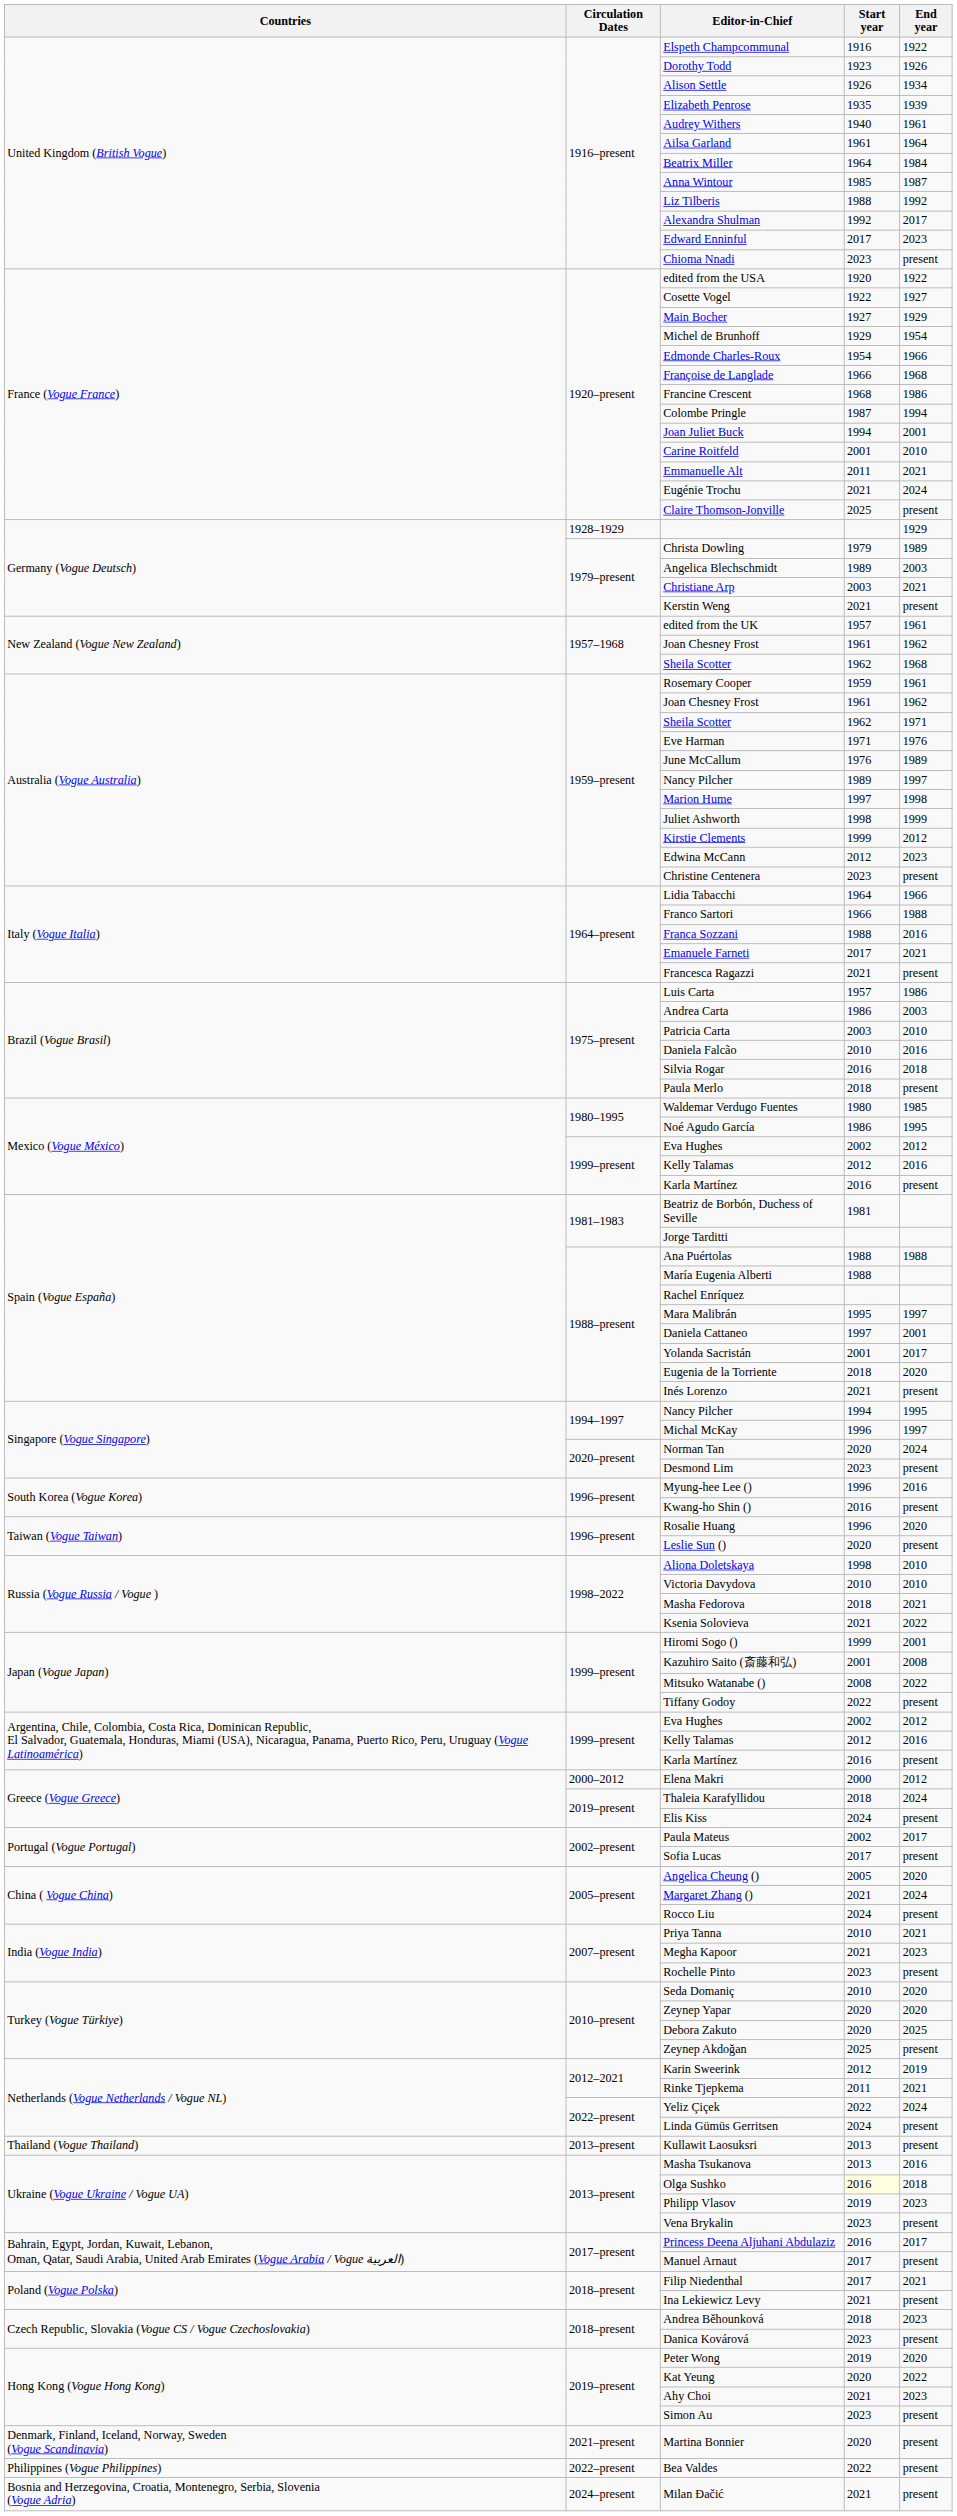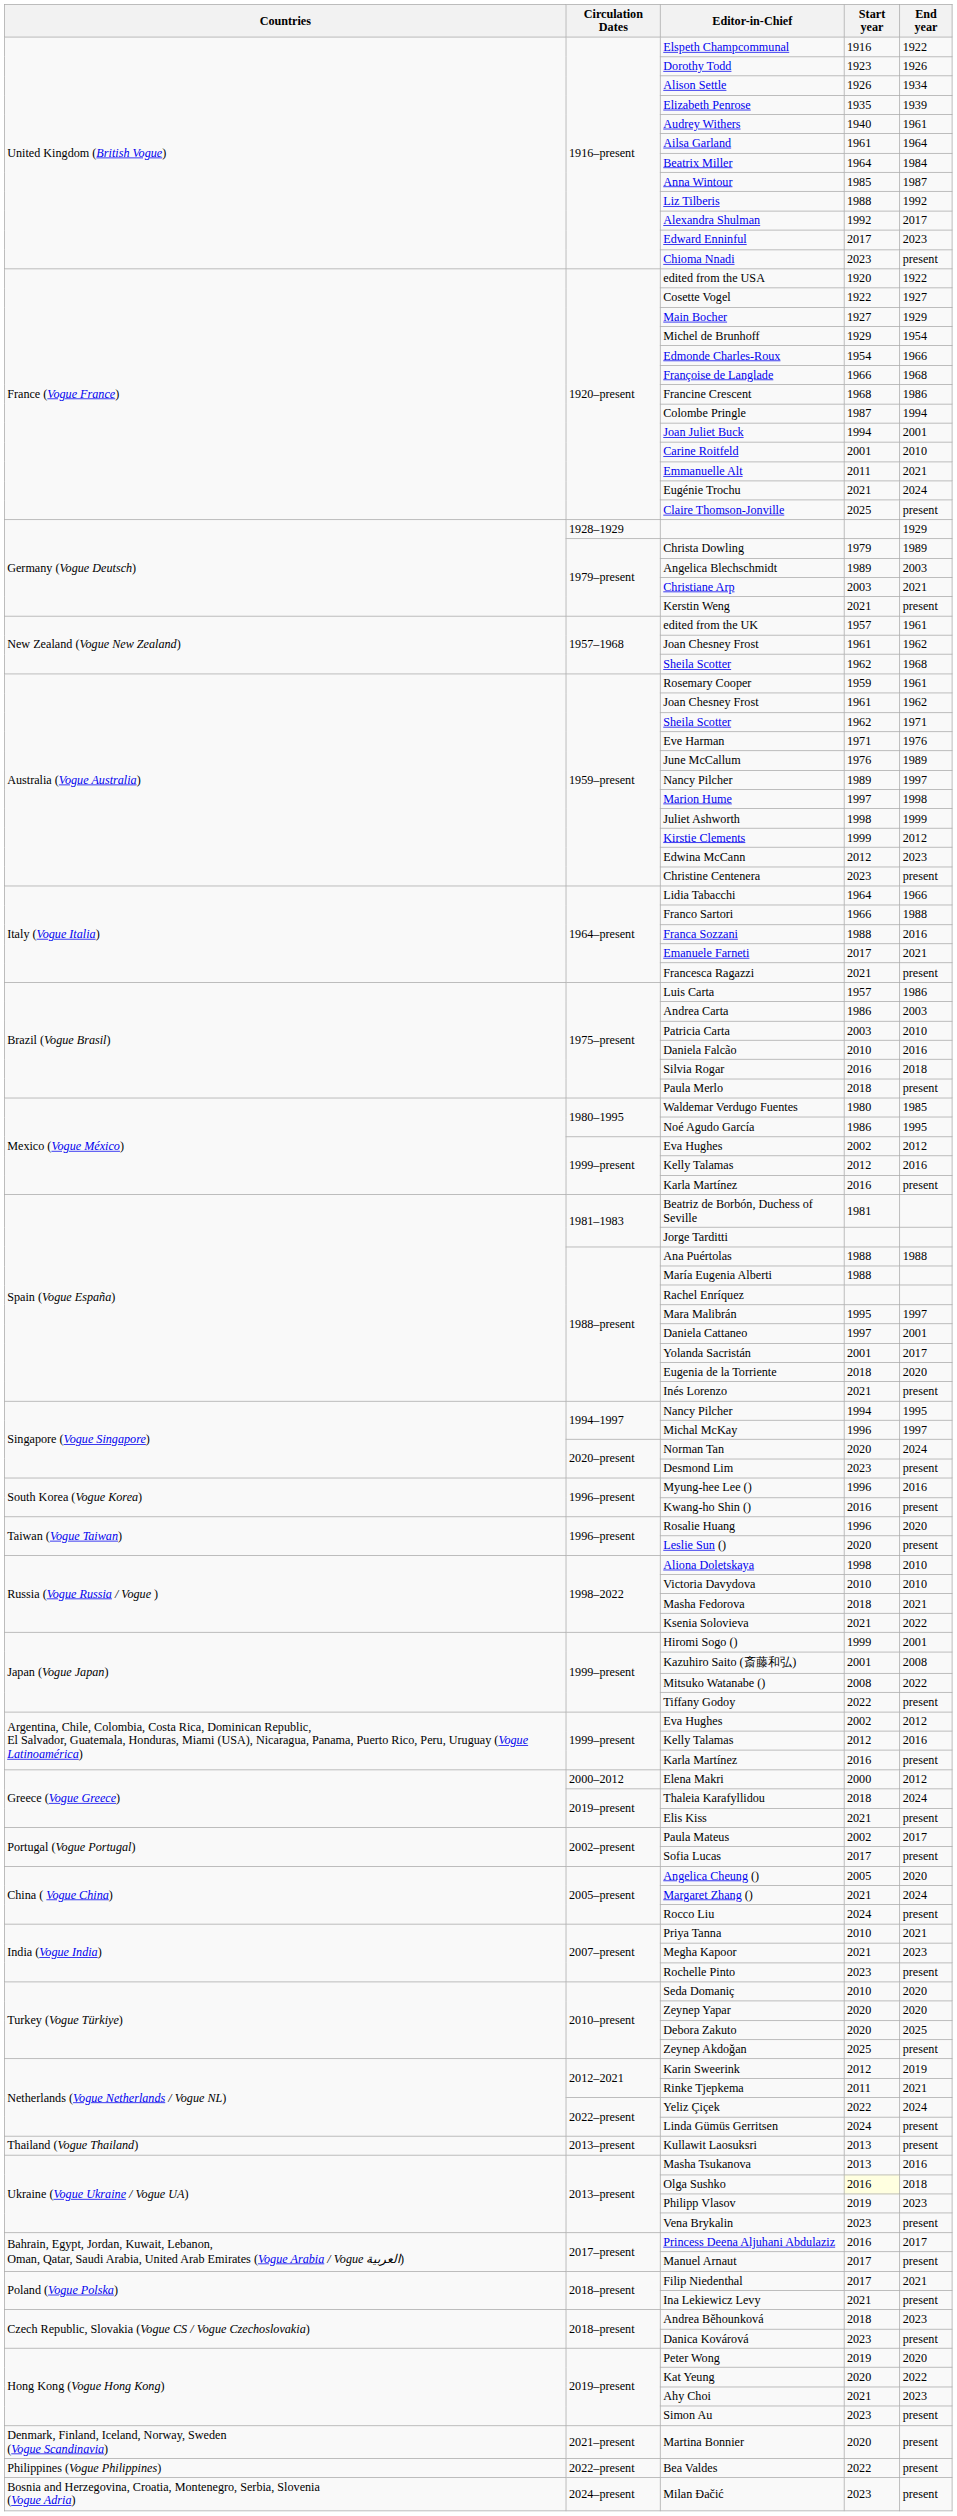 <table class="wikitable sortable">
 <tr>
 <th>Countries</th>
 <th>Circulation Dates</th>
 <th>Editor-in-Chief</th>
 <th>Start year</th>
 <th>End year</th>
 </tr>
 <tr>
 <td rowspan="12">United Kingdom (<em><a href='#'>British Vogue</a></em>)</td>
 <td rowspan="12">1916–present</td>
 <td><a href='#'>Elspeth Champcommunal</a></td>
 <td>1916</td>
 <td>1922</td>
 </tr>
 <tr>
 <td><a href='#'>Dorothy Todd</a></td>
 <td>1923</td>
 <td>1926</td>
 </tr>
 <tr>
 <td><a href='#'>Alison Settle</a></td>
 <td>1926</td>
 <td>1934</td>
 </tr>
 <tr>
 <td><a href='#'>Elizabeth Penrose</a></td>
 <td>1935</td>
 <td>1939</td>
 </tr>
 <tr>
 <td><a href='#'>Audrey Withers</a></td>
 <td>1940</td>
 <td>1961</td>
 </tr>
 <tr>
 <td><a href='#'>Ailsa Garland</a></td>
 <td>1961</td>
 <td>1964</td>
 </tr>
 <tr>
 <td><a href='#'>Beatrix Miller</a></td>
 <td>1964</td>
 <td>1984</td>
 </tr>
 <tr>
 <td><a href='#'>Anna Wintour</a></td>
 <td>1985</td>
 <td>1987</td>
 </tr>
 <tr>
 <td><a href='#'>Liz Tilberis</a></td>
 <td>1988</td>
 <td>1992</td>
 </tr>
 <tr>
 <td><a href='#'>Alexandra Shulman</a></td>
 <td>1992</td>
 <td>2017</td>
 </tr>
 <tr>
 <td><a href='#'>Edward Enninful</a></td>
 <td>2017</td>
 <td>2023</td>
 </tr>
 <tr>
 <td><a href='#'>Chioma Nnadi</a></td>
 <td>2023</td>
 <td>present</td>
 </tr>
 <tr>
 <td rowspan="13">France (<em><a href='#'>Vogue France</a></em>)<em></em></td>
 <td rowspan="13">1920–present</td>
 <td>edited from the USA</td>
 <td>1920</td>
 <td>1922</td>
 </tr>
 <tr>
 <td>Cosette Vogel</td>
 <td>1922</td>
 <td>1927</td>
 </tr>
 <tr>
 <td><a href='#'>Main Bocher</a></td>
 <td>1927</td>
 <td>1929</td>
 </tr>
 <tr>
 <td>Michel de Brunhoff</td>
 <td>1929</td>
 <td>1954</td>
 </tr>
 <tr>
 <td><a href='#'>Edmonde Charles-Roux</a></td>
 <td>1954</td>
 <td>1966</td>
 </tr>
 <tr>
 <td><a href='#'>Françoise de Langlade</a></td>
 <td>1966</td>
 <td>1968</td>
 </tr>
 <tr>
 <td>Francine Crescent</td>
 <td>1968</td>
 <td>1986</td>
 </tr>
 <tr>
 <td>Colombe Pringle</td>
 <td>1987</td>
 <td>1994</td>
 </tr>
 <tr>
 <td><a href='#'>Joan Juliet Buck</a></td>
 <td>1994</td>
 <td>2001</td>
 </tr>
 <tr>
 <td><a href='#'>Carine Roitfeld</a></td>
 <td>2001</td>
 <td>2010</td>
 </tr>
 <tr>
 <td><a href='#'>Emmanuelle Alt</a></td>
 <td>2011</td>
 <td>2021</td>
 </tr>
 <tr>
 <td>Eugénie Trochu</td>
 <td>2021</td>
 <td>2024</td>
 </tr>
 <tr>
 <td><a href='#'>Claire Thomson-Jonville</a></td>
 <td>2025</td>
 <td>present</td>
 </tr>
 <tr>
 <td rowspan="5">Germany (<em>Vogue Deutsch</em>)</td>
 <td>1928–1929</td>
 <td></td>
 <td></td>
 <td>1929</td>
 </tr>
 <tr>
 <td rowspan="4">1979–present</td>
 <td>Christa Dowling</td>
 <td>1979</td>
 <td>1989</td>
 </tr>
 <tr>
 <td>Angelica Blechschmidt</td>
 <td>1989</td>
 <td>2003</td>
 </tr>
 <tr>
 <td><a href='#'>Christiane Arp</a></td>
 <td>2003</td>
 <td>2021</td>
 </tr>
 <tr>
 <td>Kerstin Weng</td>
 <td>2021</td>
 <td>present</td>
 </tr>
 <tr>
 <td rowspan="3">New Zealand (<em>Vogue New Zealand</em>)</td>
 <td rowspan="3">1957–1968</td>
 <td>edited from the UK</td>
 <td>1957</td>
 <td>1961</td>
 </tr>
 <tr>
 <td>Joan Chesney Frost</td>
 <td>1961</td>
 <td>1962</td>
 </tr>
 <tr>
 <td><a href='#'>Sheila Scotter</a></td>
 <td>1962</td>
 <td>1968</td>
 </tr>
 <tr>
 <td rowspan="11">Australia (<em><a href='#'>Vogue Australia</a></em>)</td>
 <td rowspan="11">1959–present</td>
 <td>Rosemary Cooper</td>
 <td>1959</td>
 <td>1961</td>
 </tr>
 <tr>
 <td>Joan Chesney Frost</td>
 <td>1961</td>
 <td>1962</td>
 </tr>
 <tr>
 <td><a href='#'>Sheila Scotter</a></td>
 <td>1962</td>
 <td>1971</td>
 </tr>
 <tr>
 <td>Eve Harman</td>
 <td>1971</td>
 <td>1976</td>
 </tr>
 <tr>
 <td>June McCallum</td>
 <td>1976</td>
 <td>1989</td>
 </tr>
 <tr>
 <td>Nancy Pilcher</td>
 <td>1989</td>
 <td>1997</td>
 </tr>
 <tr>
 <td><a href='#'>Marion Hume</a></td>
 <td>1997</td>
 <td>1998</td>
 </tr>
 <tr>
 <td>Juliet Ashworth</td>
 <td>1998</td>
 <td>1999</td>
 </tr>
 <tr>
 <td><a href='#'>Kirstie Clements</a></td>
 <td>1999</td>
 <td>2012</td>
 </tr>
 <tr>
 <td>Edwina McCann</td>
 <td>2012</td>
 <td>2023</td>
 </tr>
 <tr>
 <td>Christine Centenera</td>
 <td>2023</td>
 <td>present</td>
 </tr>
 <tr>
 <td rowspan="5">Italy (<em><a href='#'>Vogue Italia</a></em>)<em></em></td>
 <td rowspan="5">1964–present</td>
 <td>Lidia Tabacchi</td>
 <td>1964</td>
 <td>1966</td>
 </tr>
 <tr>
 <td>Franco Sartori</td>
 <td>1966</td>
 <td>1988</td>
 </tr>
 <tr>
 <td><a href='#'>Franca Sozzani</a></td>
 <td>1988</td>
 <td>2016</td>
 </tr>
 <tr>
 <td><a href='#'>Emanuele Farneti</a></td>
 <td>2017</td>
 <td>2021</td>
 </tr>
 <tr>
 <td>Francesca Ragazzi</td>
 <td>2021</td>
 <td>present</td>
 </tr>
 <tr>
 <td rowspan="6">Brazil (<em>Vogue Brasil</em>)</td>
 <td rowspan="6">1975–present</td>
 <td>Luis Carta</td>
 <td>1957</td>
 <td>1986</td>
 </tr>
 <tr>
 <td>Andrea Carta</td>
 <td>1986</td>
 <td>2003</td>
 </tr>
 <tr>
 <td>Patricia Carta</td>
 <td>2003</td>
 <td>2010</td>
 </tr>
 <tr>
 <td>Daniela Falcão</td>
 <td>2010</td>
 <td>2016</td>
 </tr>
 <tr>
 <td>Silvia Rogar</td>
 <td>2016</td>
 <td>2018</td>
 </tr>
 <tr>
 <td>Paula Merlo</td>
 <td>2018</td>
 <td>present</td>
 </tr>
 <tr>
 <td rowspan="5">Mexico (<em><a href='#'>Vogue México</a></em>)</td>
 <td rowspan="2">1980–1995</td>
 <td>Waldemar Verdugo Fuentes</td>
 <td>1980</td>
 <td>1985</td>
 </tr>
 <tr>
 <td>Noé Agudo García</td>
 <td>1986</td>
 <td>1995</td>
 </tr>
 <tr>
 <td rowspan="3">1999–present</td>
 <td>Eva Hughes</td>
 <td>2002</td>
 <td>2012</td>
 </tr>
 <tr>
 <td>Kelly Talamas</td>
 <td>2012</td>
 <td>2016</td>
 </tr>
 <tr>
 <td>Karla Martínez</td>
 <td>2016</td>
 <td>present</td>
 </tr>
 <tr>
 <td rowspan="10">Spain (<em>Vogue España</em>)</td>
 <td rowspan="2">1981–1983</td>
 <td>Beatriz de Borbón, Duchess of Seville</td>
 <td>1981</td>
 <td></td>
 </tr>
 <tr>
 <td>Jorge Tarditti</td>
 <td></td>
 <td></td>
 </tr>
 <tr>
 <td rowspan="8">1988–present</td>
 <td>Ana Puértolas</td>
 <td>1988</td>
 <td>1988</td>
 </tr>
 <tr>
 <td>María Eugenia Alberti</td>
 <td>1988</td>
 <td></td>
 </tr>
 <tr>
 <td>Rachel Enríquez</td>
 <td></td>
 <td></td>
 </tr>
 <tr>
 <td>Mara Malibrán</td>
 <td>1995</td>
 <td>1997</td>
 </tr>
 <tr>
 <td>Daniela Cattaneo</td>
 <td>1997</td>
 <td>2001</td>
 </tr>
 <tr>
 <td>Yolanda Sacristán</td>
 <td>2001</td>
 <td>2017</td>
 </tr>
 <tr>
 <td>Eugenia de la Torriente</td>
 <td>2018</td>
 <td>2020</td>
 </tr>
 <tr>
 <td>Inés Lorenzo</td>
 <td>2021</td>
 <td>present</td>
 </tr>
 <tr>
 <td rowspan="4">Singapore (<em><a href='#'>Vogue Singapore</a></em>)</td>
 <td rowspan="2">1994–1997</td>
 <td>Nancy Pilcher</td>
 <td>1994</td>
 <td>1995</td>
 </tr>
 <tr>
 <td>Michal McKay</td>
 <td>1996</td>
 <td>1997</td>
 </tr>
 <tr>
 <td rowspan="2">2020–present</td>
 <td>Norman Tan</td>
 <td>2020</td>
 <td>2024</td>
 </tr>
 <tr>
 <td>Desmond Lim</td>
 <td>2023</td>
 <td>present</td>
 </tr>
 <tr>
 <td rowspan="2">South Korea (<em>Vogue Korea</em>)</td>
 <td rowspan="2">1996–present</td>
 <td>Myung-hee Lee ()</td>
 <td>1996</td>
 <td>2016</td>
 </tr>
 <tr>
 <td>Kwang-ho Shin ()</td>
 <td>2016</td>
 <td>present</td>
 </tr>
 <tr>
 <td rowspan="2">Taiwan (<em><a href='#'>Vogue Taiwan</a></em>)</td>
 <td rowspan="2">1996–present</td>
 <td>Rosalie Huang</td>
 <td>1996</td>
 <td>2020</td>
 </tr>
 <tr>
 <td><a href='#'>Leslie Sun</a> ()</td>
 <td>2020</td>
 <td>present</td>
 </tr>
 <tr>
 <td rowspan="4">Russia (<em><a href='#'>Vogue Russia</a> / Vogue </em>)</td>
 <td rowspan="4">1998–2022</td>
 <td><a href='#'>Aliona Doletskaya</a></td>
 <td>1998</td>
 <td>2010</td>
 </tr>
 <tr>
 <td>Victoria Davydova</td>
 <td>2010</td>
 <td>2010</td>
 </tr>
 <tr>
 <td>Masha Fedorova</td>
 <td>2018</td>
 <td>2021</td>
 </tr>
 <tr>
 <td>Ksenia Solovieva</td>
 <td>2021</td>
 <td>2022</td>
 </tr>
 <tr>
 <td rowspan="4">Japan (<em>Vogue Japan</em>)<em></em></td>
 <td rowspan="4">1999–present</td>
 <td>Hiromi Sogo ()</td>
 <td>1999</td>
 <td>2001</td>
 </tr>
 <tr>
 <td>Kazuhiro Saito (斎藤和弘)</td>
 <td>2001</td>
 <td>2008</td>
 </tr>
 <tr>
 <td>Mitsuko Watanabe ()</td>
 <td>2008</td>
 <td>2022</td>
 </tr>
 <tr>
 <td>Tiffany Godoy</td>
 <td>2022</td>
 <td>present</td>
 </tr>
 <tr>
 <td rowspan="3">Argentina, Chile, Colombia, Costa Rica, Dominican Republic,<br>El Salvador, Guatemala, Honduras, Miami (USA), Nicaragua, Panama, Puerto Rico, Peru, Uruguay (<em><a href='#'>Vogue Latinoamérica</a></em>)</td>
 <td rowspan="3">1999–present</td>
 <td>Eva Hughes</td>
 <td>2002</td>
 <td>2012</td>
 </tr>
 <tr>
 <td>Kelly Talamas</td>
 <td>2012</td>
 <td>2016</td>
 </tr>
 <tr>
 <td>Karla Martínez</td>
 <td>2016</td>
 <td>present</td>
 </tr>
 <tr>
 <td rowspan="3">Greece (<em><a href='#'>Vogue Greece</a></em>)<em></em></td>
 <td>2000–2012</td>
 <td>Elena Makri</td>
 <td>2000</td>
 <td>2012</td>
 </tr>
 <tr>
 <td rowspan="2">2019–present</td>
 <td>Thaleia Karafyllidou</td>
 <td>2018</td>
 <td>2024</td>
 </tr>
 <tr>
 <td>Elis Kiss</td>
-<td>2024</td>
+<td>2021</td>
 <td>present</td>
 </tr>
 <tr>
 <td rowspan="2">Portugal (<em>Vogue Portugal</em>)</td>
 <td rowspan="2">2002–present</td>
 <td>Paula Mateus</td>
 <td>2002</td>
 <td>2017</td>
 </tr>
 <tr>
 <td>Sofia Lucas</td>
 <td>2017</td>
 <td>present</td>
 </tr>
 <tr>
 <td rowspan="3">China ( <em><a href='#'>Vogue China</a></em>)</td>
 <td rowspan="3">2005–present</td>
 <td><a href='#'>Angelica Cheung</a> ()</td>
 <td>2005</td>
 <td>2020</td>
 </tr>
 <tr>
 <td><a href='#'>Margaret Zhang</a> ()</td>
 <td>2021</td>
 <td>2024</td>
 </tr>
 <tr>
 <td>Rocco Liu</td>
 <td>2024</td>
 <td>present</td>
 </tr>
 <tr>
 <td rowspan="3">India (<em><a href='#'>Vogue India</a></em>)</td>
 <td rowspan="3">2007–present</td>
 <td>Priya Tanna</td>
 <td>2010</td>
 <td>2021</td>
 </tr>
 <tr>
 <td>Megha Kapoor</td>
 <td>2021</td>
 <td>2023</td>
 </tr>
 <tr>
 <td>Rochelle Pinto</td>
 <td>2023</td>
 <td>present</td>
 </tr>
 <tr>
 <td rowspan="4">Turkey (<em>Vogue Türkiye</em>)</td>
 <td rowspan="4">2010–present</td>
 <td>Seda Domaniç</td>
 <td>2010</td>
 <td>2020</td>
 </tr>
 <tr>
 <td>Zeynep Yapar</td>
 <td>2020</td>
 <td>2020</td>
 </tr>
 <tr>
 <td>Debora Zakuto</td>
 <td>2020</td>
 <td>2025</td>
 </tr>
 <tr>
 <td>Zeynep Akdoğan</td>
 <td>2025</td>
 <td>present</td>
 </tr>
 <tr>
 <td rowspan="4">Netherlands (<em><a href='#'>Vogue Netherlands</a> / Vogue NL</em>)</td>
 <td rowspan="2">2012–2021</td>
 <td>Karin Sweerink</td>
 <td>2012</td>
 <td>2019</td>
 </tr>
 <tr>
 <td>Rinke Tjepkema</td>
 <td>2011</td>
 <td>2021</td>
 </tr>
 <tr>
 <td rowspan="2">2022–present</td>
 <td>Yeliz Çiçek</td>
 <td>2022</td>
 <td>2024</td>
 </tr>
 <tr>
 <td>Linda Gümüs Gerritsen</td>
 <td>2024</td>
 <td>present</td>
 </tr>
 <tr>
 <td>Thailand (<em>Vogue Thailand</em>)</td>
 <td>2013–present</td>
 <td>Kullawit Laosuksri</td>
 <td>2013</td>
 <td>present</td>
 </tr>
 <tr>
 <td rowspan="4">Ukraine (<em><a href='#'>Vogue Ukraine</a> / Vogue UA</em>)</td>
 <td rowspan="4">2013–present</td>
 <td>Masha Tsukanova</td>
 <td>2013</td>
 <td>2016</td>
 </tr>
 <tr>
 <td>Olga Sushko</td>
 <td style="background: lightyellow;">2016</td>
 <td>2018</td>
 </tr>
 <tr>
 <td>Philipp Vlasov</td>
 <td>2019</td>
 <td>2023</td>
 </tr>
 <tr>
 <td>Vena Brykalin</td>
 <td>2023</td>
 <td>present</td>
 </tr>
 <tr>
 <td rowspan="2">Bahrain, Egypt, Jordan, Kuwait, Lebanon,<br>Oman, Qatar, Saudi Arabia, United Arab Emirates (<em><a href='#'>Vogue Arabia</a> / Vogue العربية</em>)</td>
 <td rowspan="2">2017–present</td>
 <td><a href='#'>Princess Deena Aljuhani Abdulaziz</a></td>
 <td>2016</td>
 <td>2017</td>
 </tr>
 <tr>
 <td>Manuel Arnaut</td>
 <td>2017</td>
 <td>present</td>
 </tr>
 <tr>
 <td rowspan="2">Poland (<em><a href='#'>Vogue Polska</a></em>)</td>
 <td rowspan="2">2018–present</td>
 <td>Filip Niedenthal</td>
 <td>2017</td>
 <td>2021</td>
 </tr>
 <tr>
 <td>Ina Lekiewicz Levy</td>
 <td>2021</td>
 <td>present</td>
 </tr>
 <tr>
 <td rowspan="2">Czech Republic, Slovakia (<em>Vogue CS / Vogue Czechoslovakia</em>)</td>
 <td rowspan="2">2018–present</td>
 <td>Andrea Běhounková</td>
 <td>2018</td>
 <td>2023</td>
 </tr>
 <tr>
 <td>Danica Kovárová</td>
 <td>2023</td>
 <td>present</td>
 </tr>
 <tr>
 <td rowspan="4">Hong Kong (<em>Vogue Hong Kong</em>)</td>
 <td rowspan="4">2019–present</td>
 <td>Peter Wong</td>
 <td>2019</td>
 <td>2020</td>
 </tr>
 <tr>
 <td>Kat Yeung</td>
 <td>2020</td>
 <td>2022</td>
 </tr>
 <tr>
 <td>Ahy Choi</td>
 <td>2021</td>
 <td>2023</td>
 </tr>
 <tr>
 <td>Simon Au</td>
 <td>2023</td>
 <td>present</td>
 </tr>
 <tr>
 <td>Denmark, Finland, Iceland, Norway, Sweden<br>(<em><a href='#'>Vogue Scandinavia</a></em>)</td>
 <td>2021–present</td>
 <td>Martina Bonnier</td>
 <td>2020</td>
 <td>present</td>
 </tr>
 <tr>
 <td>Philippines (<em>Vogue Philippines</em>)</td>
 <td>2022–present</td>
 <td>Bea Valdes</td>
 <td>2022</td>
 <td>present</td>
 </tr>
 <tr>
 <td>Bosnia and Herzegovina, Croatia, Montenegro, Serbia, Slovenia<br>(<em><a href='#'>Vogue Adria</a></em>)</td>
 <td>2024–present</td>
 <td>Milan Đačić</td>
-<td>2021</td>
+<td>2023</td>
 <td>present</td>
 </tr>
 </table>
